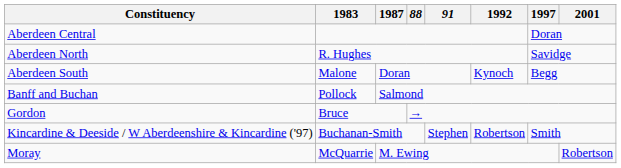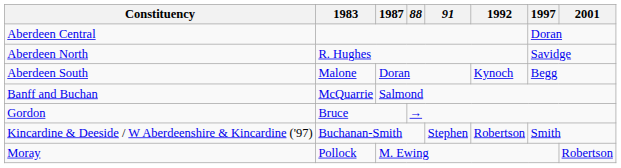 <table class="wikitable">
 <tr>
 <th>Constituency</th>
 <th>1983</th>
 <th>1987</th>
 <th><em>88</em></th>
 <th><em>91</em></th>
 <th>1992</th>
 <th>1997</th>
 <th>2001</th>
 </tr>
 <tr>
 <td><a href='#'>Aberdeen Central</a></td>
 <td colspan="5"></td>
 <td colspan="2"><a href='#'>Doran</a></td>
 </tr>
 <tr>
 <td><a href='#'>Aberdeen North</a></td>
 <td colspan="5"><a href='#'>R. Hughes</a></td>
 <td colspan="2"><a href='#'>Savidge</a></td>
 </tr>
 <tr>
 <td><a href='#'>Aberdeen South</a></td>
 <td bgcolor=><a href='#'>Malone</a></td>
 <td colspan="3"><a href='#'>Doran</a></td>
 <td><a href='#'>Kynoch</a></td>
 <td colspan="2"><a href='#'>Begg</a></td>
 </tr>
 <tr>
 <td><a href='#'>Banff and Buchan</a></td>
-<td><a href='#'>Pollock</a></td>
+<td><a href='#'>McQuarrie</a></td>
 <td colspan="6"><a href='#'>Salmond</a></td>
 </tr>
 <tr>
 <td><a href='#'>Gordon</a></td>
 <td colspan="2"><a href='#'>Bruce</a></td>
 <td colspan="5"><a href='#'>→</a></td>
 </tr>
 <tr>
 <td><a href='#'>Kincardine & Deeside</a> / <a href='#'>W Aberdeenshire & Kincardine</a> ('97)</td>
 <td colspan="3"><a href='#'>Buchanan-Smith</a></td>
 <td><a href='#'>Stephen</a></td>
 <td bgcolor=><a href='#'>Robertson</a></td>
 <td colspan="2"><a href='#'>Smith</a></td>
 </tr>
 <tr>
 <td><a href='#'>Moray</a></td>
-<td><a href='#'>McQuarrie</a></td>
+<td><a href='#'>Pollock</a></td>
 <td colspan="5"><a href='#'>M. Ewing</a></td>
 <td><a href='#'>Robertson</a></td>
 </tr>
 </table>
